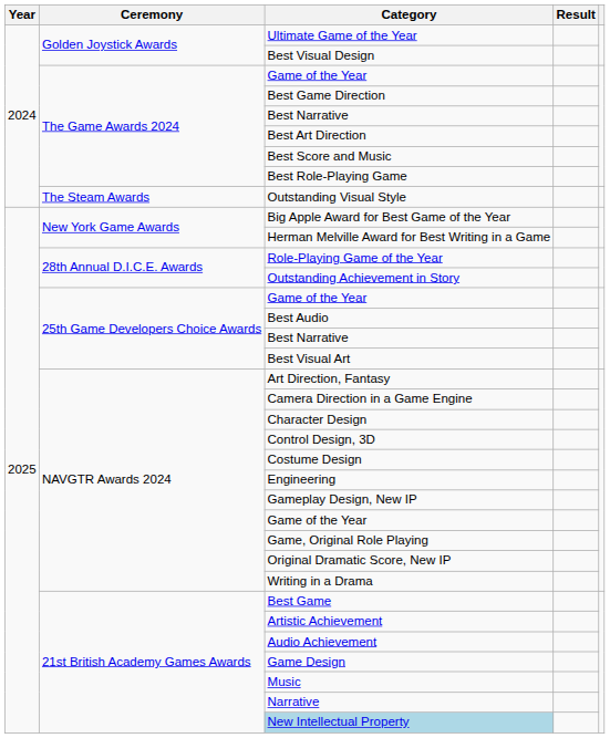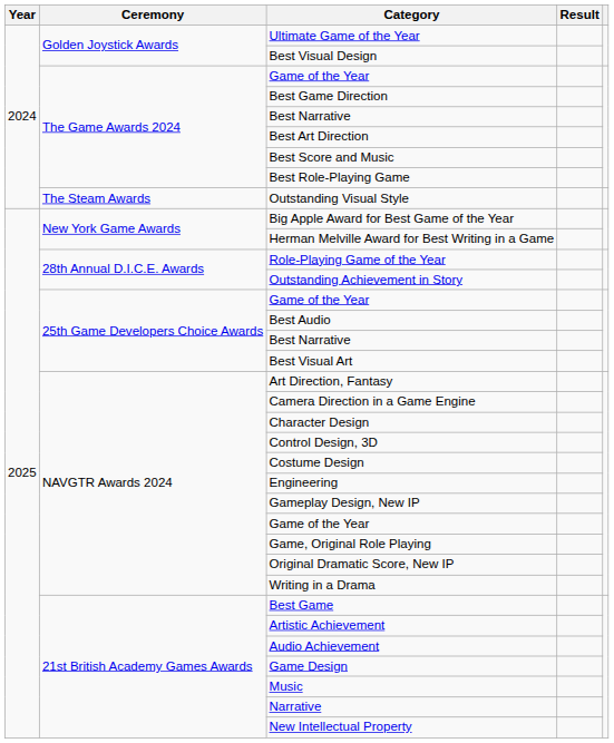 <table class="wikitable plainrowheaders sortable" width="auto">
 <tr>
 <th scope="col">Year</th>
 <th scope="col">Ceremony</th>
 <th scope="col">Category</th>
 <th scope="col">Result</th>
 <th scope="col" class="unsortable"></th>
 </tr>
 <tr>
 <td style="text-align:center;" rowspan="9">2024</td>
 <td rowspan="2"><a href='#'>Golden Joystick Awards</a></td>
 <td><a href='#'>Ultimate Game of the Year</a></td>
 <td></td>
 <td rowspan="2" style="text-align:center;"></td>
 </tr>
 <tr>
 <td>Best Visual Design</td>
 <td></td>
 </tr>
 <tr>
 <td rowspan="6"><a href='#'>The Game Awards 2024</a></td>
 <td><a href='#'>Game of the Year</a></td>
 <td></td>
 <td rowspan="6" style="text-align:center;"></td>
 </tr>
 <tr>
 <td>Best Game Direction</td>
 <td></td>
 </tr>
 <tr>
 <td>Best Narrative</td>
 <td></td>
 </tr>
 <tr>
 <td>Best Art Direction</td>
 <td></td>
 </tr>
 <tr>
 <td>Best Score and Music</td>
 <td></td>
 </tr>
 <tr>
 <td>Best Role-Playing Game</td>
 <td></td>
 </tr>
 <tr>
 <td rowspan="1"><a href='#'>The Steam Awards</a></td>
 <td>Outstanding Visual Style</td>
 <td></td>
 <td rowspan="1" style="text-align:center;"></td>
 </tr>
 <tr>
 <td rowspan="26" style="text-align:center;">2025</td>
 <td rowspan="2"><a href='#'>New York Game Awards</a></td>
 <td>Big Apple Award for Best Game of the Year</td>
 <td></td>
 <td rowspan="2" style="text-align:center;"></td>
 </tr>
 <tr>
 <td>Herman Melville Award for Best Writing in a Game</td>
 <td></td>
 </tr>
 <tr>
 <td rowspan="2"><a href='#'>28th Annual D.I.C.E. Awards</a></td>
 <td><a href='#'>Role-Playing Game of the Year</a></td>
 <td></td>
 <td rowspan="2" style="text-align:center;"></td>
 </tr>
 <tr>
 <td><a href='#'>Outstanding Achievement in Story</a></td>
 <td></td>
 </tr>
 <tr>
 <td rowspan="4"><a href='#'>25th Game Developers Choice Awards</a></td>
 <td><a href='#'>Game of the Year</a></td>
 <td></td>
 <td rowspan="4" style="text-align:center;"></td>
 </tr>
 <tr>
 <td>Best Audio</td>
 <td></td>
 </tr>
 <tr>
 <td>Best Narrative</td>
 <td></td>
 </tr>
 <tr>
 <td>Best Visual Art</td>
 <td></td>
 </tr>
 <tr>
 <td rowspan="11">NAVGTR Awards 2024</td>
 <td>Art Direction, Fantasy</td>
 <td></td>
 <td align="center" rowspan="11"></td>
 </tr>
 <tr>
 <td>Camera Direction in a Game Engine</td>
 <td></td>
 </tr>
 <tr>
 <td>Character Design</td>
 <td></td>
 </tr>
 <tr>
 <td>Control Design, 3D</td>
 <td></td>
 </tr>
 <tr>
 <td>Costume Design</td>
 <td></td>
 </tr>
 <tr>
 <td>Engineering</td>
 <td></td>
 </tr>
 <tr>
 <td>Gameplay Design, New IP</td>
 <td></td>
 </tr>
 <tr>
 <td>Game of the Year</td>
 <td></td>
 </tr>
 <tr>
 <td>Game, Original Role Playing</td>
 <td></td>
 </tr>
 <tr>
 <td>Original Dramatic Score, New IP</td>
 <td></td>
 </tr>
 <tr>
 <td>Writing in a Drama</td>
 <td></td>
 </tr>
 <tr>
 <td rowspan="7"><a href='#'>21st British Academy Games Awards</a></td>
 <td><a href='#'>Best Game</a></td>
 <td></td>
 <td align="center" rowspan="7"></td>
 </tr>
 <tr>
 <td><a href='#'>Artistic Achievement</a></td>
 <td></td>
 </tr>
 <tr>
 <td><a href='#'>Audio Achievement</a></td>
 <td></td>
 </tr>
 <tr>
 <td><a href='#'>Game Design</a></td>
 <td></td>
 </tr>
 <tr>
 <td><a href='#'>Music</a></td>
 <td></td>
 </tr>
 <tr>
 <td><a href='#'>Narrative</a></td>
 <td></td>
 </tr>
 <tr>
-<td style="background: lightblue;"><a href='#'>New Intellectual Property</a></td>
+<td><a href='#'>New Intellectual Property</a></td>
 <td></td>
 </tr>
 </table>
